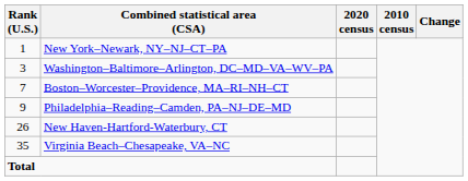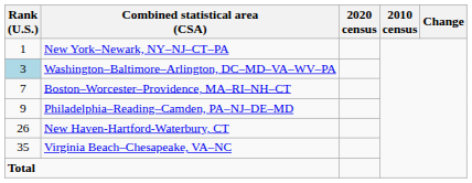 <table class="wikitable">
 <tr>
 <th>Rank<br>(U.S.)</th>
 <th>Combined statistical area<br>(CSA)</th>
 <th>2020<br>census</th>
 <th>2010<br>census</th>
 <th>Change</th>
 </tr>
 <tr>
 <td align=center>1</td>
 <td><a href='#'>New York–Newark, NY–NJ–CT–PA</a></td>
 <td></td>
 </tr>
 <tr>
-<td align=center>3</td>
+<td align=center style="background: lightblue;">3</td>
 <td><a href='#'>Washington–Baltimore–Arlington, DC–MD–VA–WV–PA</a></td>
 <td></td>
 </tr>
 <tr>
 <td align=center>7</td>
 <td><a href='#'>Boston–Worcester–Providence, MA–RI–NH–CT</a></td>
 <td></td>
 </tr>
 <tr>
 <td align=center>9</td>
 <td><a href='#'>Philadelphia–Reading–Camden, PA–NJ–DE–MD</a></td>
 <td></td>
 </tr>
 <tr>
 <td align=center>26</td>
 <td><a href='#'>New Haven-Hartford-Waterbury, CT</a></td>
 <td></td>
 </tr>
 <tr>
 <td align=center>35</td>
 <td><a href='#'>Virginia Beach–Chesapeake, VA–NC</a></td>
 <td></td>
 </tr>
 <tr>
 <td colspan="2"><strong>Total</strong></td>
 <td></td>
 </tr>
 </table>
